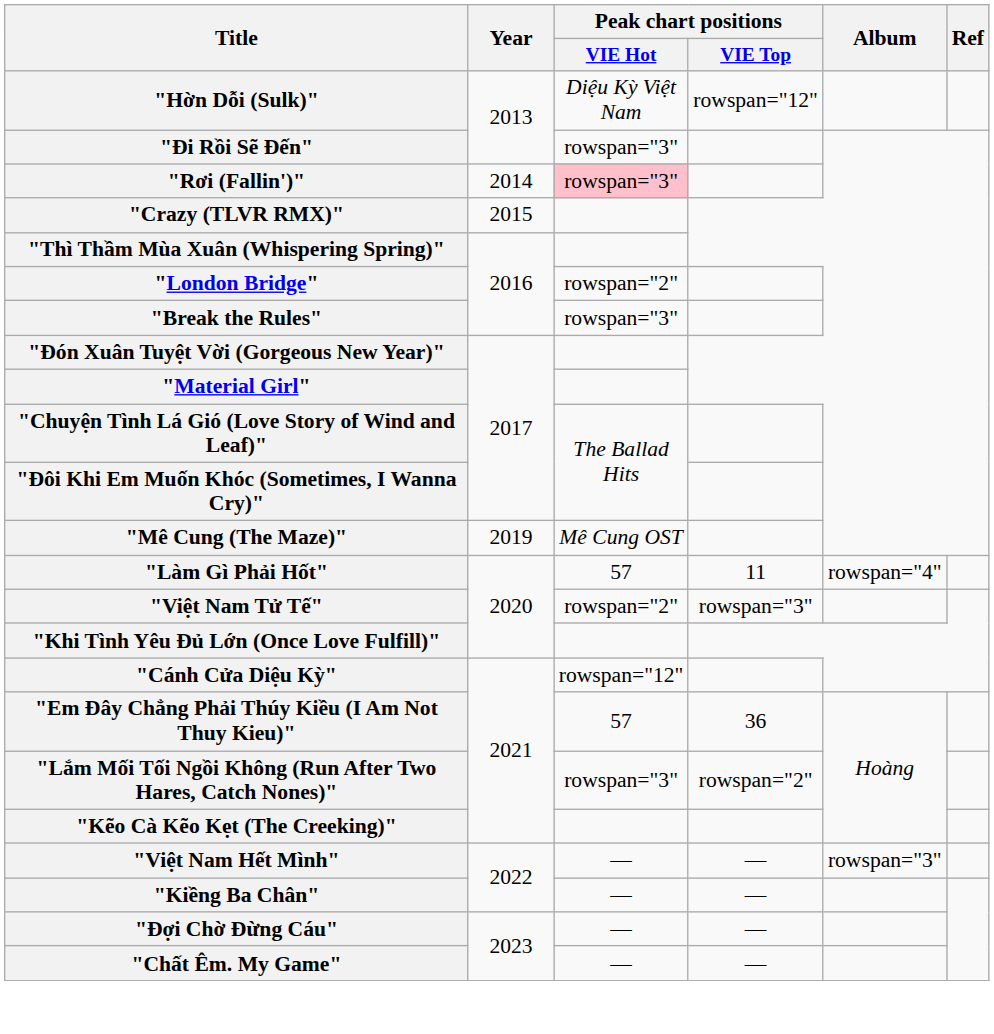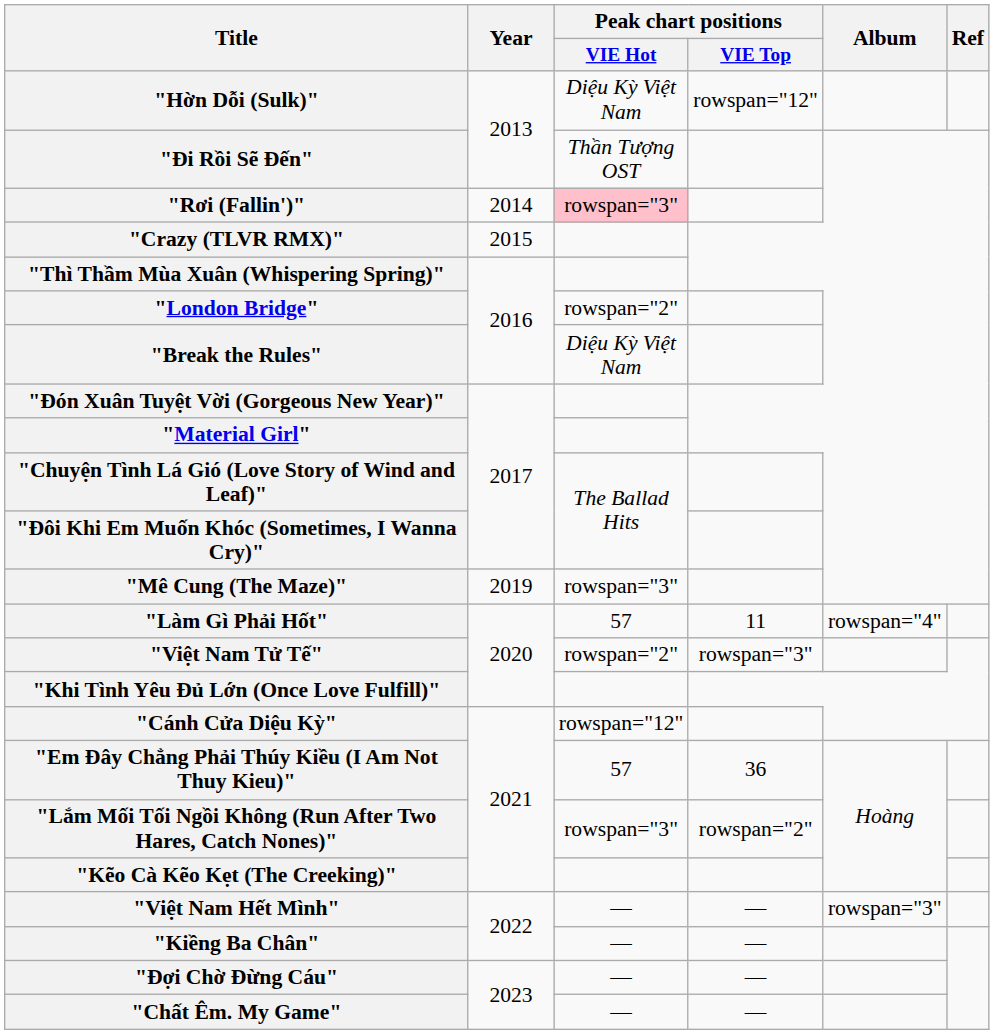 <table class="wikitable plainrowheaders" border="1" style="text-align:center;">
 <tr>
 <th scope="col" style="width:21em;" rowspan="2">Title</th>
 <th scope="col" style="width:3.5em;" rowspan="2">Year</th>
 <th colspan="2”">Peak chart positions</th>
 <th rowspan="2">Album</th>
 <th scope="col" class="unsortable" rowspan="2">Ref</th>
 </tr>
 <tr>
 <th style="width:3em;font-size:90%;"><a href='#'>VIE Hot</a><br></th>
 <th style="width:3em;font-size:90%;"><a href='#'>VIE Top</a><br></th>
 </tr>
 <tr>
 <th scope="row">"Hờn Dỗi (Sulk)" </th>
 <td rowspan="2">2013</td>
 <td><em>Diệu Kỳ Việt Nam</em></td>
 <td>rowspan="12" </td>
 <td></td>
 <td></td>
 </tr>
 <tr>
 <th scope="row">"Đi Rồi Sẽ Đến"</th>
-<td>rowspan="3" </td>
+<td><em>Thần Tượng OST</em></td>
 <td></td>
 </tr>
 <tr>
 <th scope="row">"Rơi (Fallin')" </th>
 <td>2014</td>
 <td style="background: pink;">rowspan="3" </td>
 <td></td>
 </tr>
 <tr>
 <th scope="row">"Crazy (TLVR RMX)"</th>
 <td>2015</td>
 <td></td>
 </tr>
 <tr>
 <th scope="row">"Thì Thầm Mùa Xuân (Whispering Spring)"</th>
 <td rowspan="3">2016</td>
 <td></td>
 </tr>
 <tr>
 <th scope="row">"<a href='#'>London Bridge</a>"</th>
 <td>rowspan="2" </td>
 <td></td>
 </tr>
 <tr>
 <th scope="row">"Break the Rules"</th>
-<td>rowspan="3" </td>
+<td><em>Diệu Kỳ Việt Nam</em></td>
 <td></td>
 </tr>
 <tr>
 <th scope="row">"Đón Xuân Tuyệt Vời (Gorgeous New Year)" </th>
 <td rowspan="4">2017</td>
 <td></td>
 </tr>
 <tr>
 <th scope="row">"<a href='#'>Material Girl</a>"</th>
 <td></td>
 </tr>
 <tr>
 <th scope="row">"Chuyện Tình Lá Gió (Love Story of Wind and Leaf)"</th>
 <td rowspan="2"><em>The Ballad Hits</em></td>
 <td></td>
 </tr>
 <tr>
 <th scope="row">"Đôi Khi Em Muốn Khóc (Sometimes, I Wanna Cry)"</th>
 <td></td>
 </tr>
 <tr>
 <th scope="row">"Mê Cung (The Maze)"</th>
 <td>2019</td>
-<td><em>Mê Cung OST</em></td>
+<td>rowspan="3" </td>
 <td><br></td>
 </tr>
 <tr>
 <th scope="row">"Làm Gì Phải Hốt" </th>
 <td rowspan="3">2020</td>
 <td>57</td>
 <td>11</td>
 <td>rowspan="4" </td>
 <td></td>
 </tr>
 <tr>
 <th scope="row">"Việt Nam Tử Tế" </th>
 <td>rowspan="2" </td>
 <td>rowspan="3" </td>
 <td></td>
 </tr>
 <tr>
 <th scope="row">"Khi Tình Yêu Đủ Lớn (Once Love Fulfill)" </th>
 <td></td>
 </tr>
 <tr>
 <th scope="row">"Cánh Cửa Diệu Kỳ" </th>
 <td rowspan="4">2021</td>
 <td>rowspan="12" </td>
 <td></td>
 </tr>
 <tr>
 <th scope="row">"Em Đây Chẳng Phải Thúy Kiều (I Am Not Thuy Kieu)"</th>
 <td>57</td>
 <td>36</td>
 <td rowspan="3"><em>Hoàng</em></td>
 <td></td>
 </tr>
 <tr>
 <th scope="row">"Lắm Mối Tối Ngồi Không (Run After Two Hares, Catch Nones)"</th>
 <td>rowspan="3" </td>
 <td>rowspan="2" </td>
 <td></td>
 </tr>
 <tr>
 <th scope="row">"Kẽo Cà Kẽo Kẹt (The Creeking)"</th>
 <td></td>
 </tr>
 <tr>
 <th scope="row">"Việt Nam Hết Mình" </th>
 <td rowspan="2">2022</td>
 <td>—</td>
 <td>—</td>
 <td>rowspan="3" </td>
 <td></td>
 </tr>
 <tr>
 <th scope="row">"Kiềng Ba Chân" </th>
 <td>—</td>
 <td>—</td>
 <td></td>
 </tr>
 <tr>
 <th scope="row">"Đợi Chờ Đừng Cáu" </th>
 <td rowspan="2">2023</td>
 <td>—</td>
 <td>—</td>
 <td></td>
 </tr>
 <tr>
 <th scope="row">"Chất Êm. My Game" </th>
 <td>—</td>
 <td>—</td>
 <td></td>
 </tr>
 </table>
